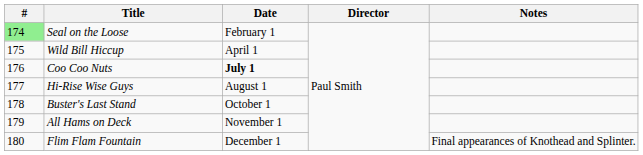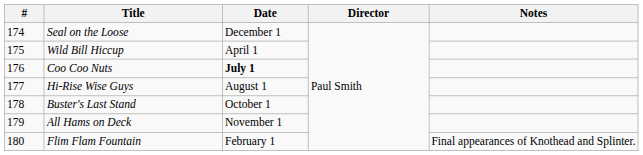 <table class="wikitable">
 <tr>
 <th style="width:3em">#</th>
 <th style="width:15em">Title</th>
 <th style="width:7em">Date</th>
 <th style="width:10em">Director</th>
 <th>Notes</th>
 </tr>
 <tr>
-<td style="background: lightgreen;">174</td>
+<td>174</td>
 <td><em>Seal on the Loose</em></td>
-<td>February 1</td>
+<td>December 1</td>
 <td rowspan="7">Paul Smith</td>
 <td></td>
 </tr>
 <tr>
 <td>175</td>
 <td><em>Wild Bill Hiccup</em></td>
 <td>April 1</td>
 <td></td>
 </tr>
 <tr>
 <td>176</td>
 <td><em>Coo Coo Nuts</em></td>
 <td><strong>July 1</strong></td>
 <td></td>
 </tr>
 <tr>
 <td>177</td>
 <td><em>Hi-Rise Wise Guys</em></td>
 <td>August 1</td>
 <td></td>
 </tr>
 <tr>
 <td>178</td>
 <td><em>Buster's Last Stand</em></td>
 <td>October 1</td>
 <td></td>
 </tr>
 <tr>
 <td>179</td>
 <td><em>All Hams on Deck</em></td>
 <td>November 1</td>
 <td></td>
 </tr>
 <tr>
 <td>180</td>
 <td><em>Flim Flam Fountain</em></td>
-<td>December 1</td>
+<td>February 1</td>
 <td>Final appearances of Knothead and Splinter.</td>
 </tr>
 </table>
